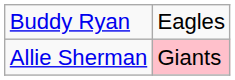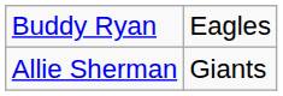 <table class="wikitable">
 <tr>
 <td><a href='#'>Buddy Ryan</a></td>
 <td>Eagles</td>
 </tr>
 <tr>
 <td><a href='#'>Allie Sherman</a></td>
-<td style="background: pink;">Giants</td>
+<td>Giants</td>
 </tr>
 </table>
